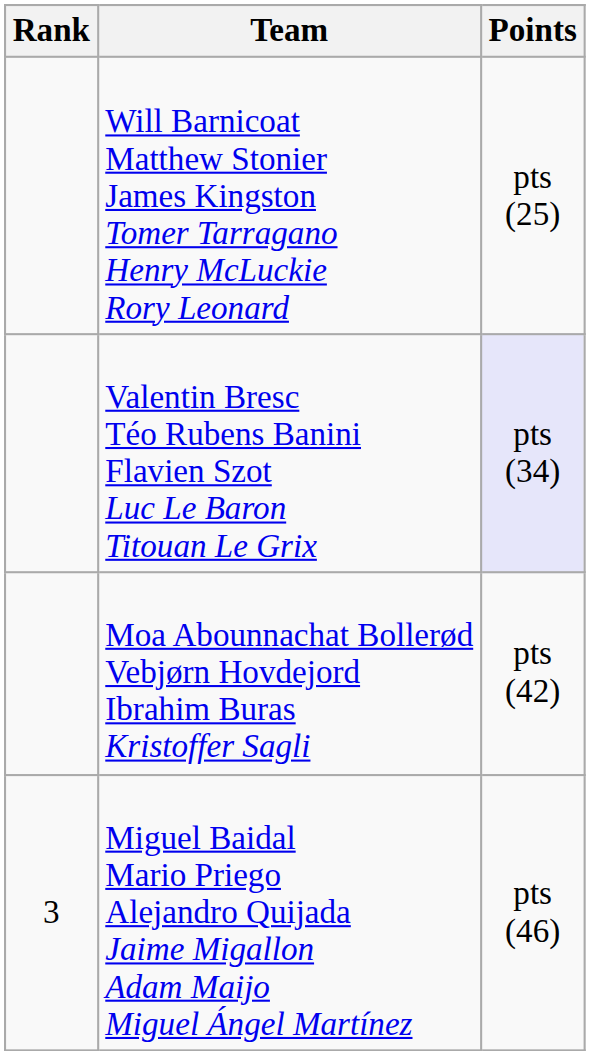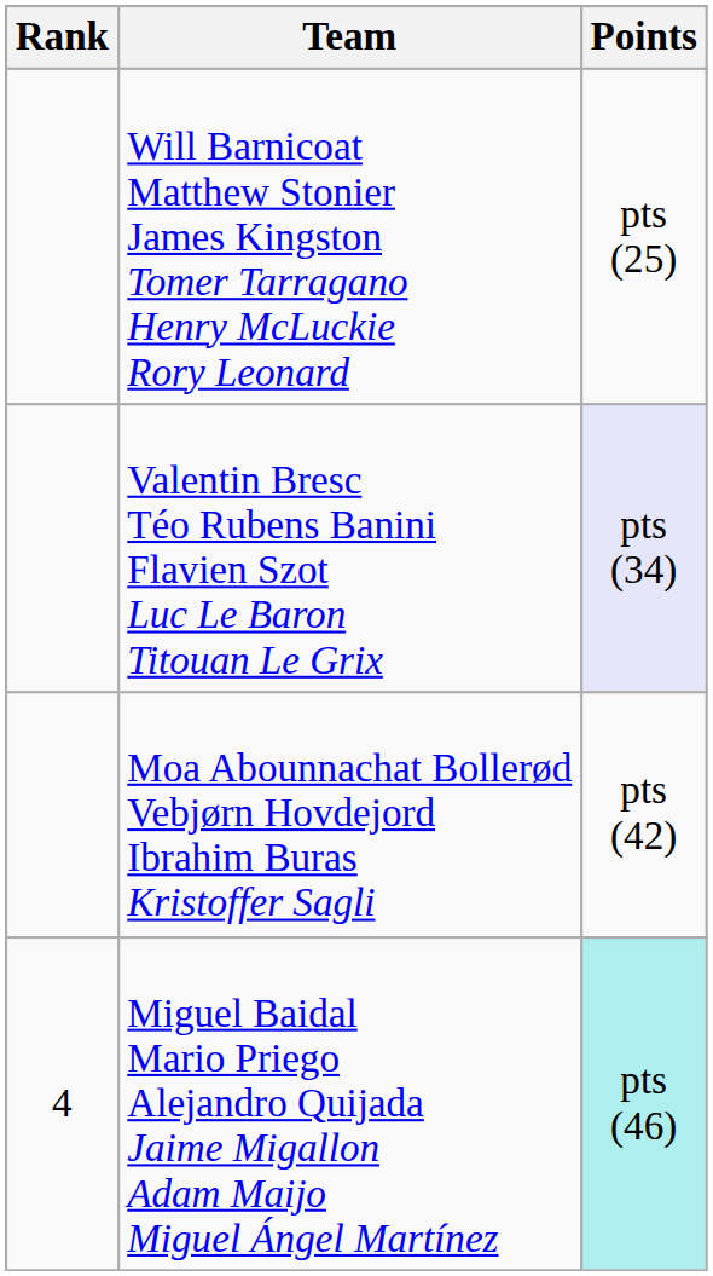 <table class="wikitable sortable" style="text-align:center;">
 <tr>
 <th>Rank</th>
 <th>Team</th>
 <th>Points</th>
 </tr>
 <tr>
 <td></td>
 <td align=left><br><a href='#'>Will Barnicoat</a><br><a href='#'>Matthew Stonier</a><br><a href='#'>James Kingston</a><br><em><a href='#'>Tomer Tarragano</a><br><a href='#'>Henry McLuckie</a><br><a href='#'>Rory Leonard</a></em></td>
 <td>pts<br>(25)</td>
 </tr>
 <tr>
 <td></td>
 <td align=left><br><a href='#'>Valentin Bresc</a><br><a href='#'>Téo Rubens Banini</a><br><a href='#'>Flavien Szot</a><br><em><a href='#'>Luc Le Baron</a><br><a href='#'>Titouan Le Grix</a></em></td>
 <td style="background: lavender;">pts<br>(34)</td>
 </tr>
 <tr>
 <td></td>
 <td align=left><br><a href='#'>Moa Abounnachat Bollerød</a><br><a href='#'>Vebjørn Hovdejord</a><br><a href='#'>Ibrahim Buras</a><br><em><a href='#'>Kristoffer Sagli</a></em></td>
 <td>pts<br>(42)</td>
 </tr>
 <tr>
-<td>3</td>
+<td>4</td>
 <td align=left><br><a href='#'>Miguel Baidal</a><br><a href='#'>Mario Priego</a><br><a href='#'>Alejandro Quijada</a><br><em><a href='#'>Jaime Migallon</a><br><a href='#'>Adam Maijo</a><br><a href='#'>Miguel Ángel Martínez</a></em></td>
-<td>pts<br>(46)</td>
+<td style="background: paleturquoise;">pts<br>(46)</td>
 </tr>
 </table>
